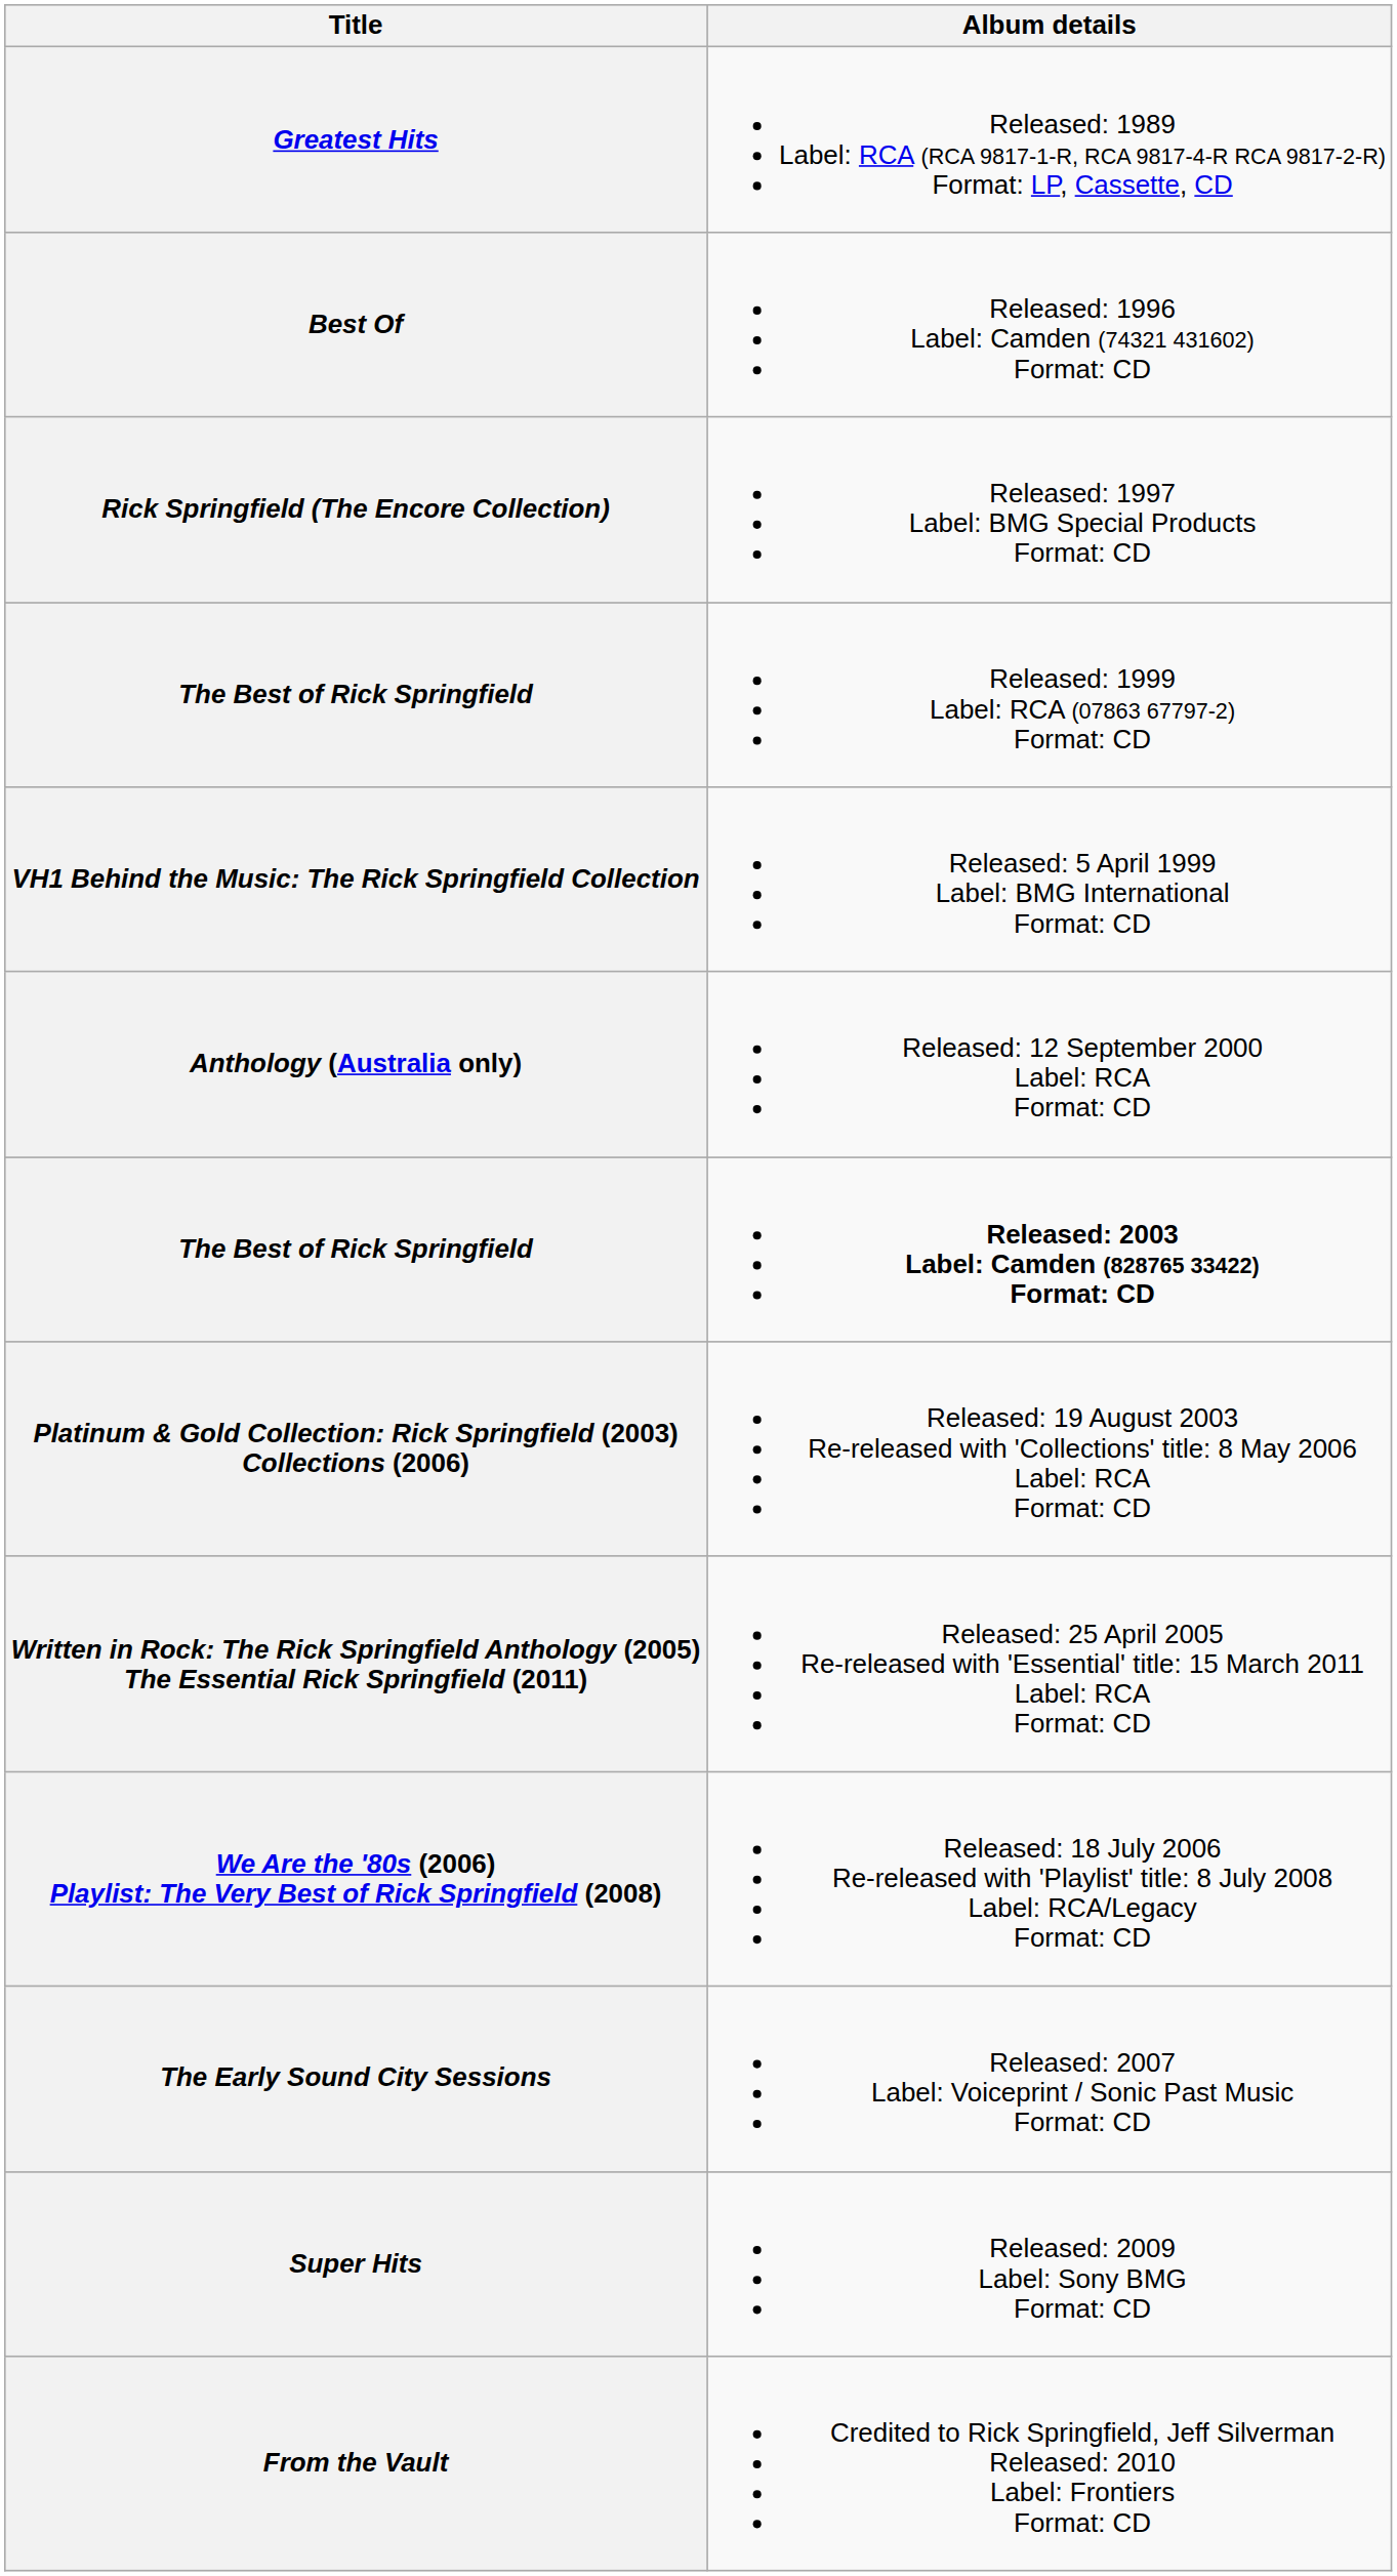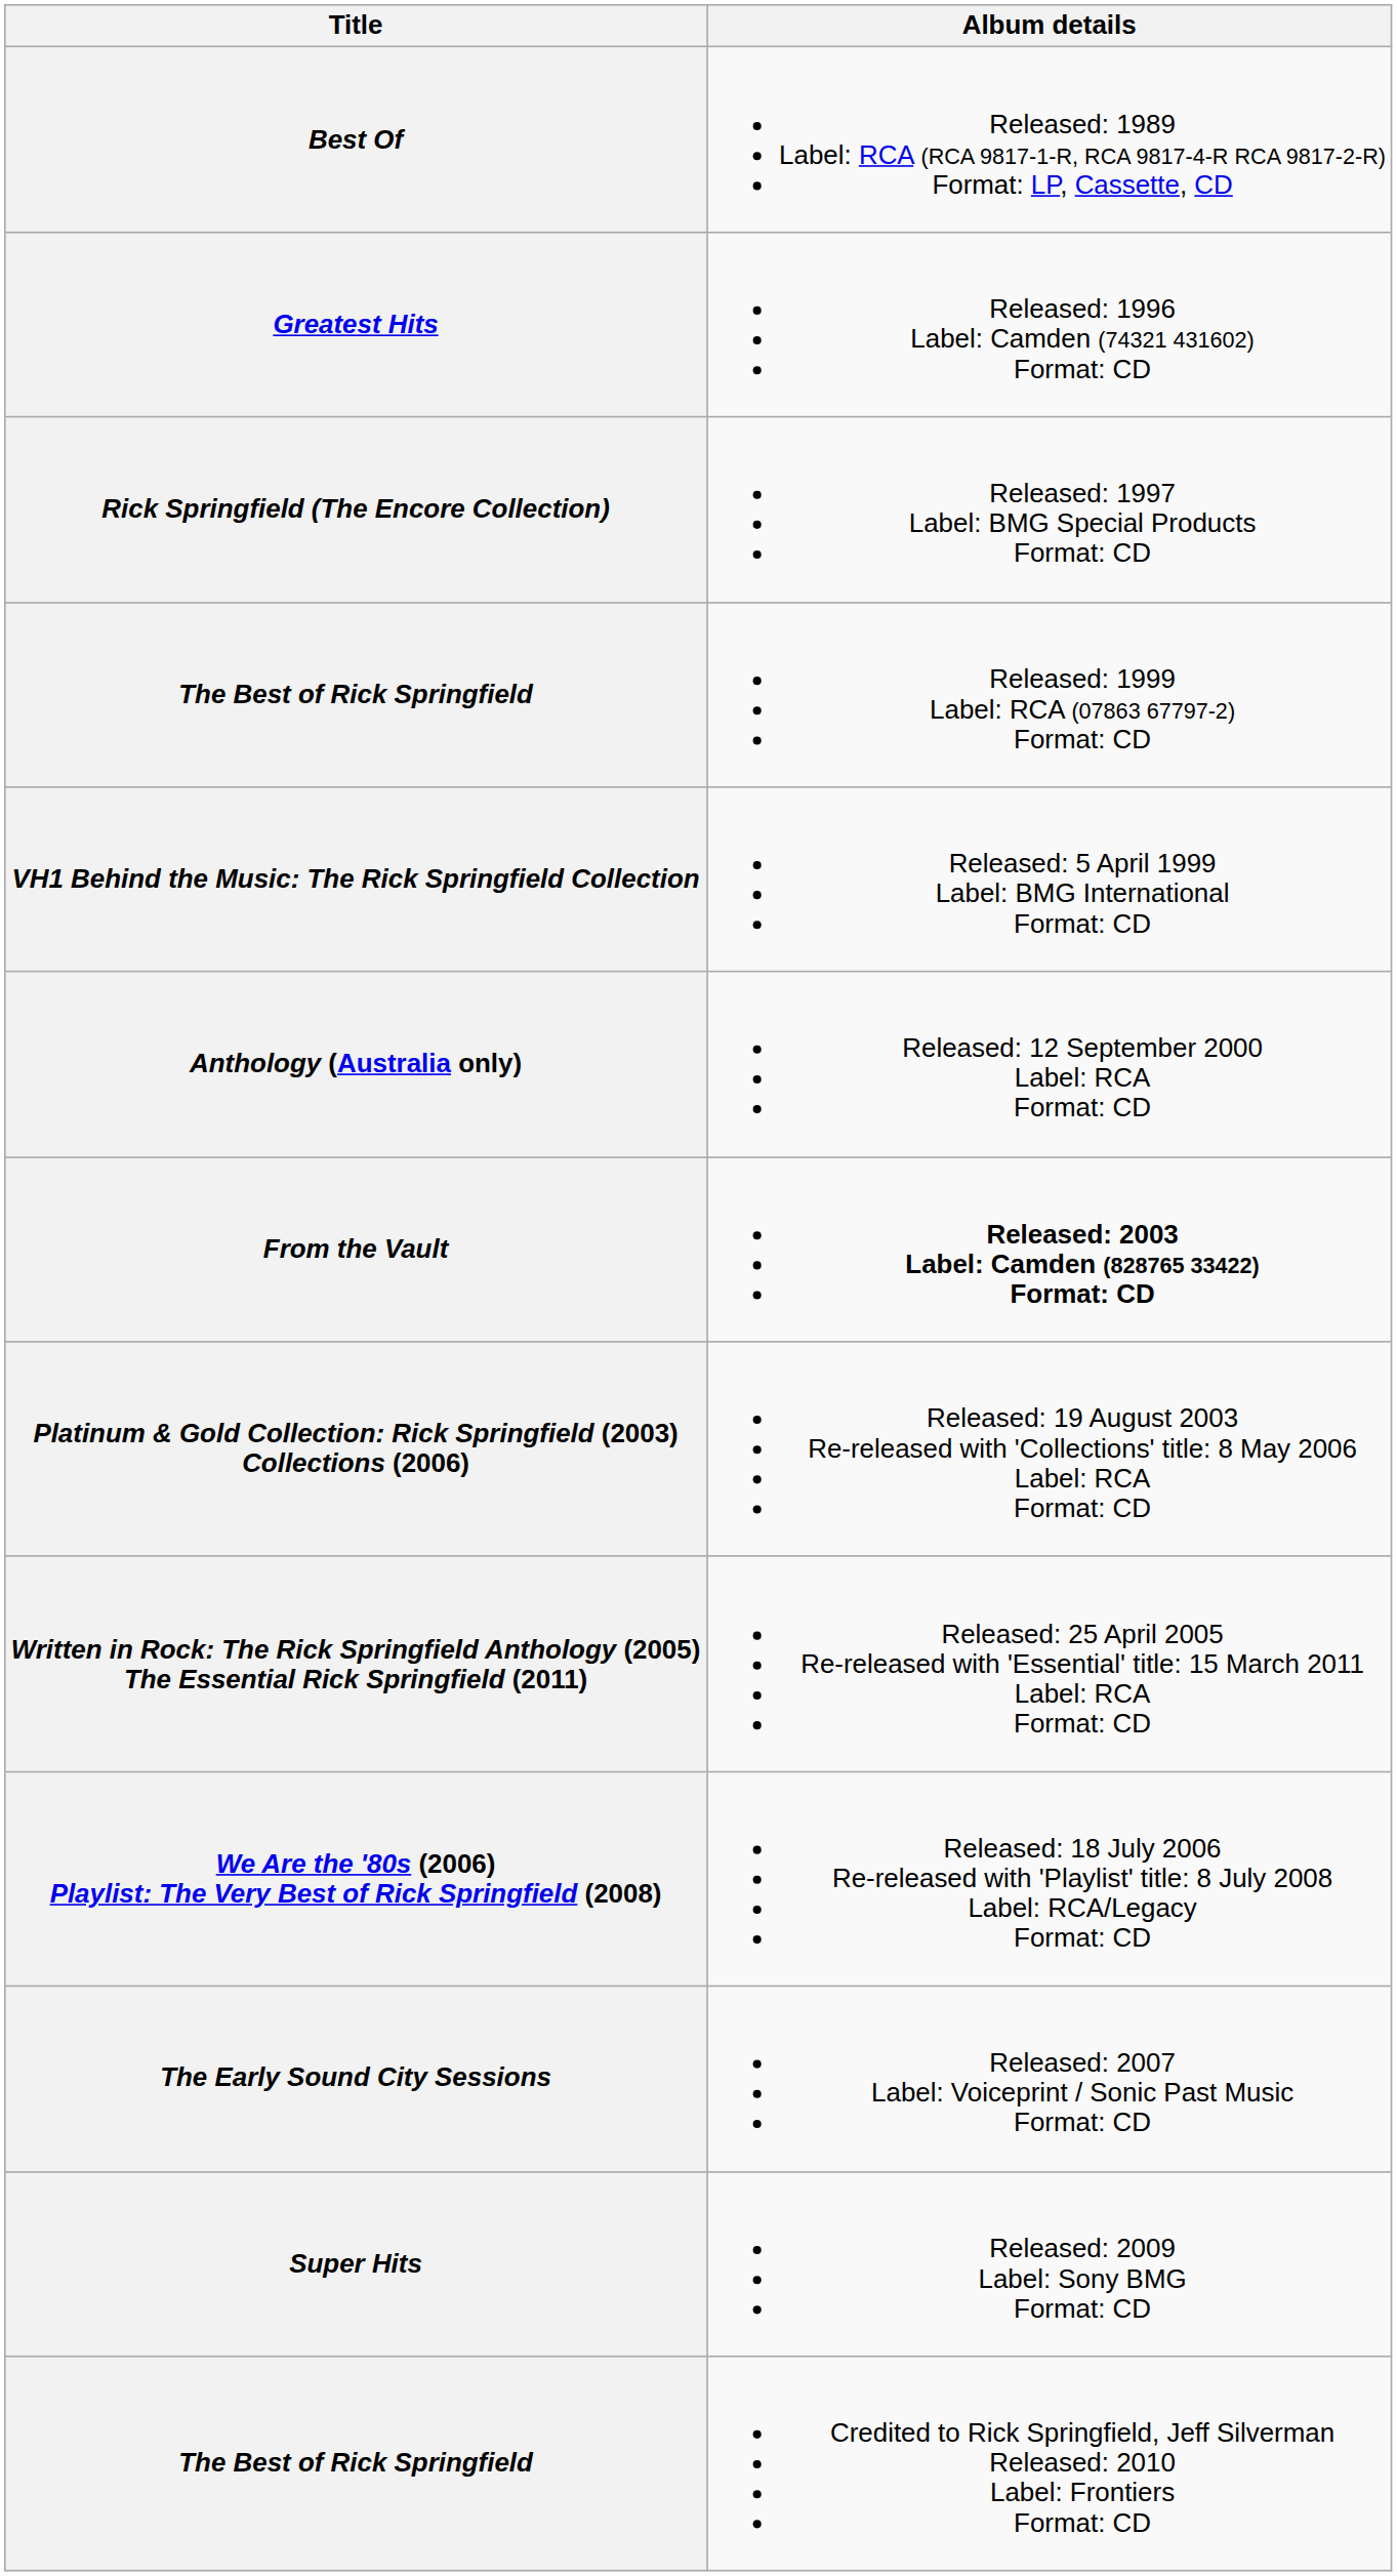 <table class="wikitable plainrowheaders" style="text-align:center;">
 <tr>
 <th>Title</th>
 <th>Album details</th>
 </tr>
 <tr>
-<th scope="row"><em><a href='#'>Greatest Hits</a></em></th>
+<th scope="row"><em>Best Of</em></th>
 <td><br><ul><li>Released: 1989</li><li>Label: <a href='#'>RCA</a> <small>(RCA 9817-1-R, RCA 9817-4-R RCA 9817-2-R)</small></li><li>Format: <a href='#'>LP</a>, <a href='#'>Cassette</a>, <a href='#'>CD</a></li></ul></td>
 </tr>
 <tr>
-<th scope="row"><em>Best Of</em></th>
+<th scope="row"><em><a href='#'>Greatest Hits</a></em></th>
 <td><br><ul><li>Released: 1996</li><li>Label: Camden <small>(74321 431602)</small></li><li>Format: CD</li></ul></td>
 </tr>
 <tr>
 <th scope="row"><em>Rick Springfield (The Encore Collection)</em></th>
 <td><br><ul><li>Released: 1997</li><li>Label: BMG Special Products</li><li>Format: CD</li></ul></td>
 </tr>
 <tr>
 <th scope="row"><em>The Best of Rick Springfield</em></th>
 <td><br><ul><li>Released: 1999</li><li>Label: RCA <small>(07863 67797-2)</small></li><li>Format: CD</li></ul></td>
 </tr>
 <tr>
 <th scope="row"><em>VH1 Behind the Music: The Rick Springfield Collection</em></th>
 <td><br><ul><li>Released: 5 April 1999</li><li>Label: BMG International</li><li>Format: CD</li></ul></td>
 </tr>
 <tr>
 <th scope="row"><em>Anthology</em> (<a href='#'>Australia</a> only)</th>
 <td><br><ul><li>Released: 12 September 2000</li><li>Label: RCA</li><li>Format: CD</li></ul></td>
 </tr>
 <tr>
-<th scope="row"><em>The Best of Rick Springfield</em></th>
+<th scope="row"><em>From the Vault</em></th>
 <td><strong><br><ul><li>Released: 2003</li><li>Label: Camden <small>(828765 33422)</small></li><li>Format: CD</li></ul></strong></td>
 </tr>
 <tr>
 <th scope="row"><em>Platinum & Gold Collection: Rick Springfield</em> (2003)<br><em>Collections</em> (2006)</th>
 <td><br><ul><li>Released: 19 August 2003</li><li>Re-released with 'Collections' title: 8 May 2006</li><li>Label: RCA</li><li>Format: CD</li></ul></td>
 </tr>
 <tr>
 <th scope="row"><em>Written in Rock: The Rick Springfield Anthology</em> (2005)<br><em>The Essential Rick Springfield</em> (2011)</th>
 <td><br><ul><li>Released: 25 April 2005</li><li>Re-released with 'Essential' title: 15 March 2011</li><li>Label: RCA</li><li>Format: CD</li></ul></td>
 </tr>
 <tr>
 <th scope="row"><em><a href='#'>We Are the '80s</a></em> (2006)<br><em><a href='#'>Playlist: The Very Best of Rick Springfield</a></em> (2008)</th>
 <td><br><ul><li>Released: 18 July 2006</li><li>Re-released with 'Playlist' title: 8 July 2008</li><li>Label: RCA/Legacy</li><li>Format: CD</li></ul></td>
 </tr>
 <tr>
 <th scope="row"><em>The Early Sound City Sessions</em></th>
 <td><br><ul><li>Released: 2007</li><li>Label: Voiceprint / Sonic Past Music</li><li>Format: CD</li></ul></td>
 </tr>
 <tr>
 <th scope="row"><em>Super Hits</em></th>
 <td><br><ul><li>Released: 2009</li><li>Label: Sony BMG</li><li>Format: CD</li></ul></td>
 </tr>
 <tr>
-<th scope="row"><em>From the Vault</em></th>
+<th scope="row"><em>The Best of Rick Springfield</em></th>
 <td><br><ul><li>Credited to Rick Springfield, Jeff Silverman</li><li>Released: 2010</li><li>Label: Frontiers</li><li>Format: CD</li></ul></td>
 </tr>
 </table>
